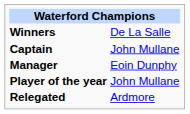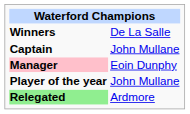 <table class="infobox" style="font-size: 90%;">
 <tr>
 <th style="background: #BFD7FF; text-align: center" colspan="3">Waterford Champions</th>
 </tr>
 <tr>
 <td><strong>Winners</strong></td>
 <td colspan="2"><a href='#'>De La Salle</a></td>
 </tr>
 <tr>
 <td><strong>Captain</strong></td>
 <td colspan="2"><a href='#'>John Mullane</a></td>
 </tr>
 <tr>
-<td><strong>Manager</strong></td>
+<td style="background: pink;"><strong>Manager</strong></td>
 <td colspan="2"><a href='#'>Eoin Dunphy</a></td>
 </tr>
 <tr>
 <td><strong>Player of the year</strong></td>
 <td colspan="2"><a href='#'>John Mullane</a></td>
 </tr>
 <tr>
-<td><strong>Relegated</strong></td>
+<td style="background: lightgreen;"><strong>Relegated</strong></td>
 <td colspan="2"><a href='#'>Ardmore</a></td>
 </tr>
 </table>
